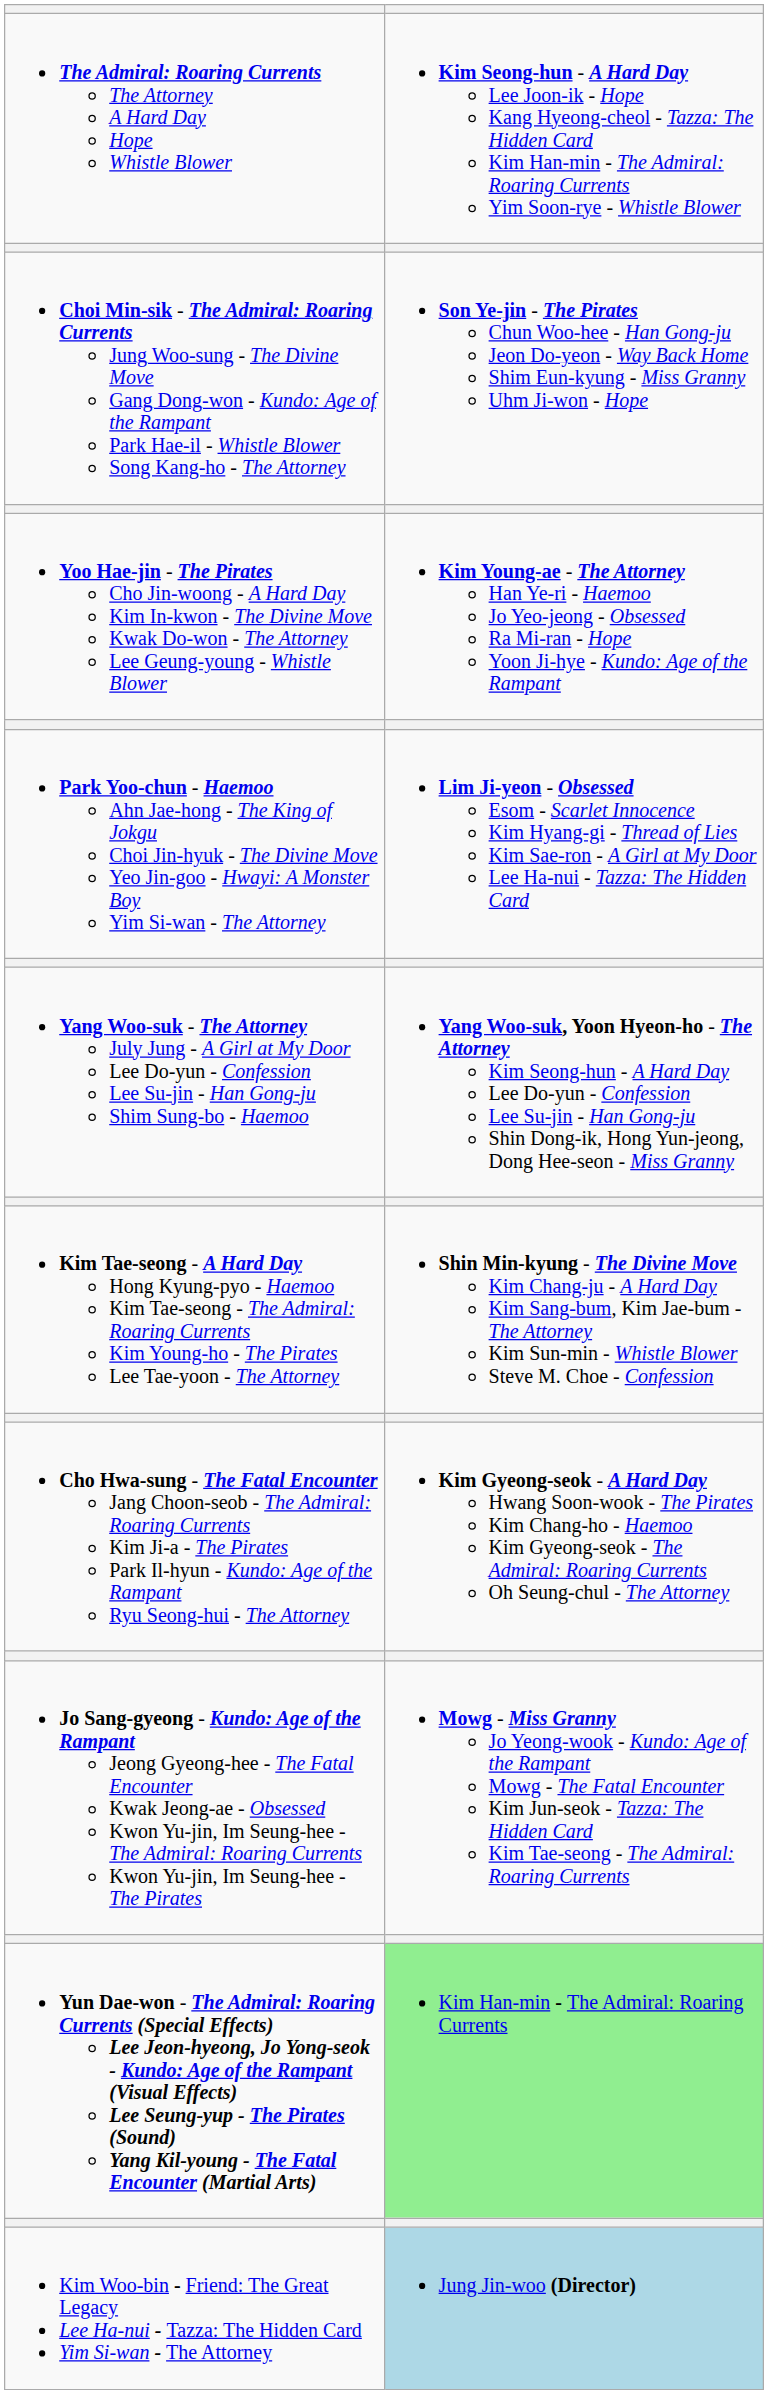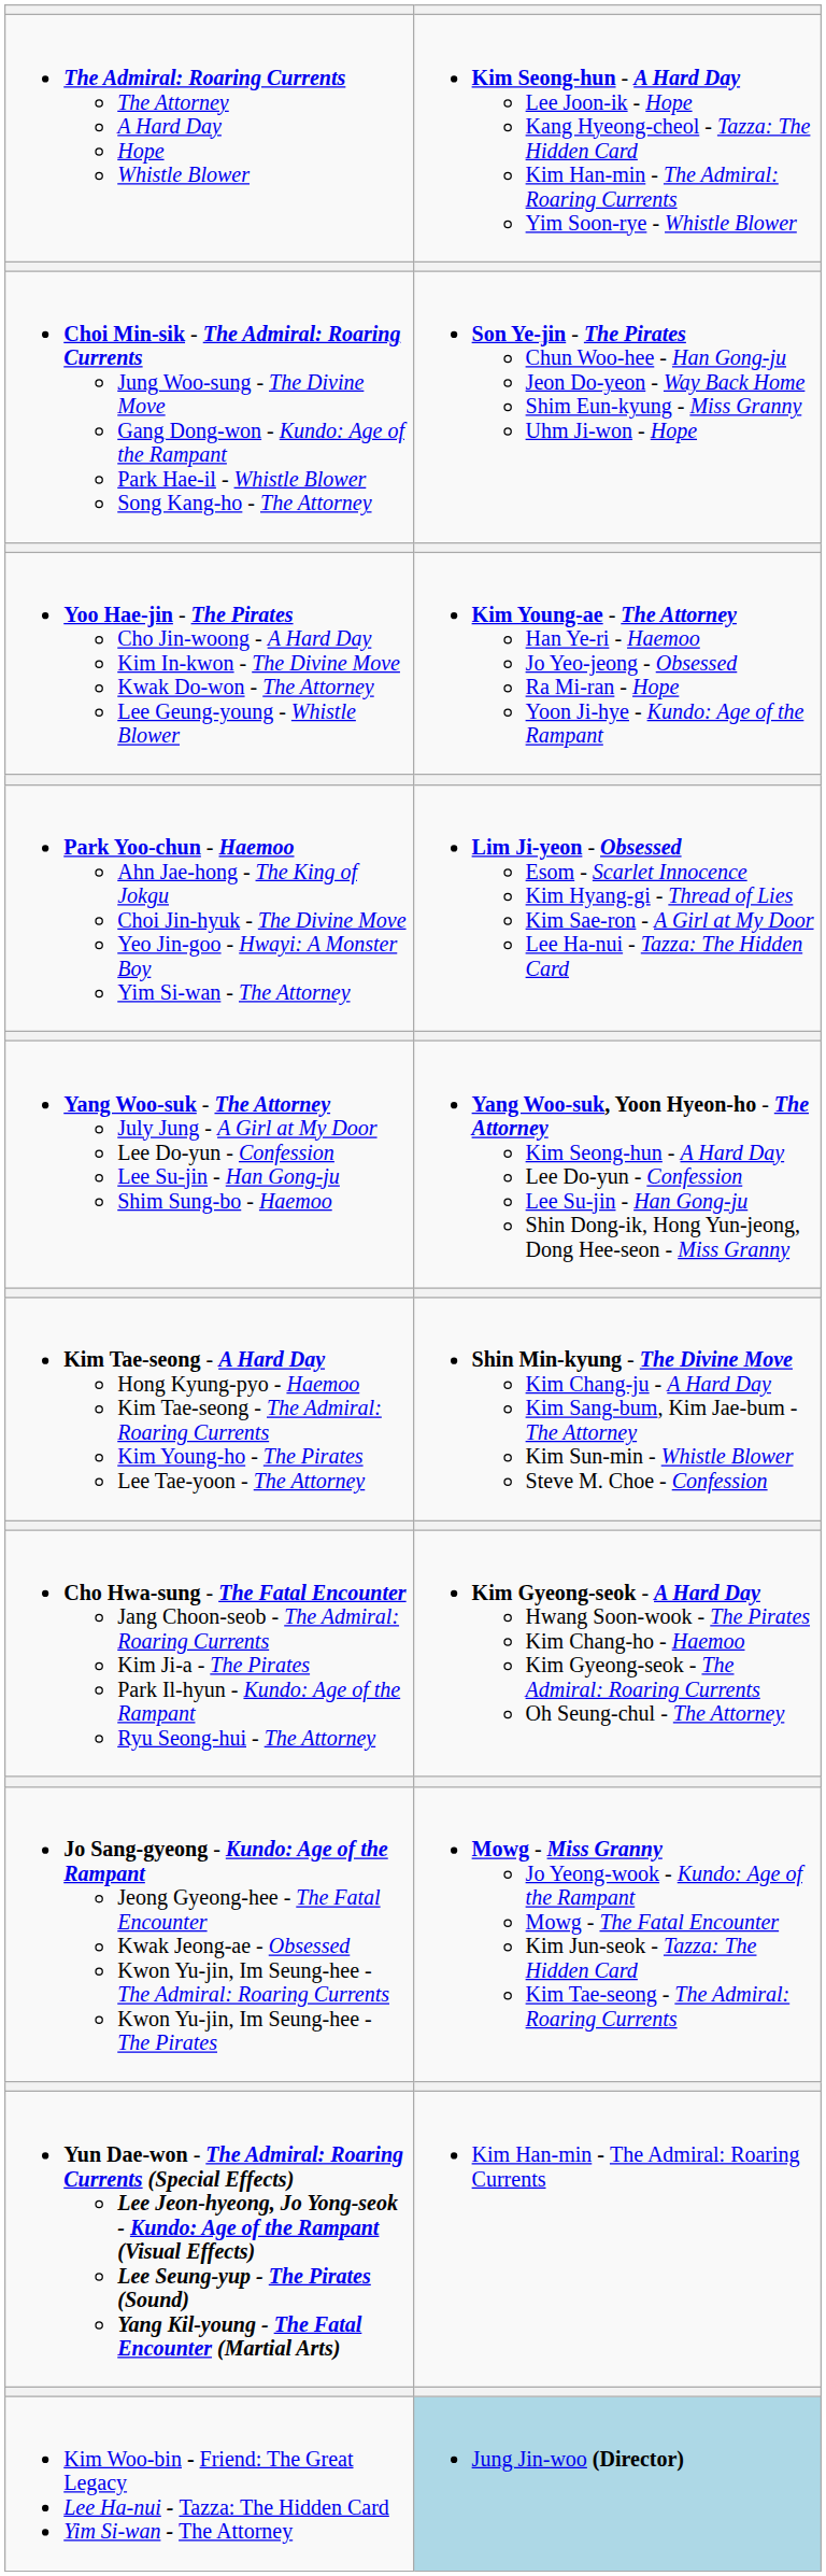 <table class="wikitable">
 <tr>
 <th style="width:500px;"></th>
 <th style="width:500px;"></th>
 </tr>
 <tr>
 <td valign="top"><br><ul><li><strong><em><a href='#'>The Admiral: Roaring Currents</a></em></strong><ul><li><em><a href='#'>The Attorney</a></em></li><li><em><a href='#'>A Hard Day</a></em></li><li><em><a href='#'>Hope</a></em></li><li><em><a href='#'>Whistle Blower</a></em></li></ul></li></ul></td>
 <td valign="top"><br><ul><li><strong><a href='#'>Kim Seong-hun</a></strong> - <strong><em><a href='#'>A Hard Day</a></em></strong><ul><li><a href='#'>Lee Joon-ik</a> - <em><a href='#'>Hope</a></em></li><li><a href='#'>Kang Hyeong-cheol</a> - <em><a href='#'>Tazza: The Hidden Card</a></em></li><li><a href='#'>Kim Han-min</a> - <em><a href='#'>The Admiral: Roaring Currents</a></em></li><li><a href='#'>Yim Soon-rye</a> - <em><a href='#'>Whistle Blower</a></em></li></ul></li></ul></td>
 </tr>
 <tr>
 <th></th>
 <th></th>
 </tr>
 <tr>
 <td valign="top"><br><ul><li><strong><a href='#'>Choi Min-sik</a></strong> - <strong><em><a href='#'>The Admiral: Roaring Currents</a></em></strong><ul><li><a href='#'>Jung Woo-sung</a> - <em><a href='#'>The Divine Move</a></em></li><li><a href='#'>Gang Dong-won</a> - <em><a href='#'>Kundo: Age of the Rampant</a></em></li><li><a href='#'>Park Hae-il</a> - <em><a href='#'>Whistle Blower</a></em></li><li><a href='#'>Song Kang-ho</a> - <em><a href='#'>The Attorney</a></em></li></ul></li></ul></td>
 <td valign="top"><br><ul><li><strong><a href='#'>Son Ye-jin</a></strong> - <strong><em><a href='#'>The Pirates</a></em></strong><ul><li><a href='#'>Chun Woo-hee</a> - <em><a href='#'>Han Gong-ju</a></em></li><li><a href='#'>Jeon Do-yeon</a> - <em><a href='#'>Way Back Home</a></em></li><li><a href='#'>Shim Eun-kyung</a> - <em><a href='#'>Miss Granny</a></em></li><li><a href='#'>Uhm Ji-won</a> - <em><a href='#'>Hope</a></em></li></ul></li></ul></td>
 </tr>
 <tr>
 <th></th>
 <th></th>
 </tr>
 <tr>
 <td valign="top"><br><ul><li><strong><a href='#'>Yoo Hae-jin</a></strong> - <strong><em><a href='#'>The Pirates</a></em></strong><ul><li><a href='#'>Cho Jin-woong</a> - <em><a href='#'>A Hard Day</a></em></li><li><a href='#'>Kim In-kwon</a> - <em><a href='#'>The Divine Move</a></em></li><li><a href='#'>Kwak Do-won</a> - <em><a href='#'>The Attorney</a></em></li><li><a href='#'>Lee Geung-young</a> - <em><a href='#'>Whistle Blower</a></em></li></ul></li></ul></td>
 <td valign="top"><br><ul><li><strong><a href='#'>Kim Young-ae</a></strong> - <strong><em><a href='#'>The Attorney</a></em></strong><ul><li><a href='#'>Han Ye-ri</a> - <em><a href='#'>Haemoo</a></em></li><li><a href='#'>Jo Yeo-jeong</a> - <em><a href='#'>Obsessed</a></em></li><li><a href='#'>Ra Mi-ran</a> - <em><a href='#'>Hope</a></em></li><li><a href='#'>Yoon Ji-hye</a> - <em><a href='#'>Kundo: Age of the Rampant</a></em></li></ul></li></ul></td>
 </tr>
 <tr>
 <th></th>
 <th></th>
 </tr>
 <tr>
 <td valign="top"><br><ul><li><strong><a href='#'>Park Yoo-chun</a></strong> - <strong><em><a href='#'>Haemoo</a></em></strong><ul><li><a href='#'>Ahn Jae-hong</a> - <em><a href='#'>The King of Jokgu</a></em></li><li><a href='#'>Choi Jin-hyuk</a> - <em><a href='#'>The Divine Move</a></em></li><li><a href='#'>Yeo Jin-goo</a> - <em><a href='#'>Hwayi: A Monster Boy</a></em></li><li><a href='#'>Yim Si-wan</a> - <em><a href='#'>The Attorney</a></em></li></ul></li></ul></td>
 <td valign="top"><br><ul><li><strong><a href='#'>Lim Ji-yeon</a></strong> - <strong><em><a href='#'>Obsessed</a></em></strong><ul><li><a href='#'>Esom</a> - <em><a href='#'>Scarlet Innocence</a></em></li><li><a href='#'>Kim Hyang-gi</a> - <em><a href='#'>Thread of Lies</a></em></li><li><a href='#'>Kim Sae-ron</a> - <em><a href='#'>A Girl at My Door</a></em></li><li><a href='#'>Lee Ha-nui</a> - <em><a href='#'>Tazza: The Hidden Card</a></em></li></ul></li></ul></td>
 </tr>
 <tr>
 <th></th>
 <th></th>
 </tr>
 <tr>
 <td valign="top"><br><ul><li><strong><a href='#'>Yang Woo-suk</a></strong>  - <strong><em><a href='#'>The Attorney</a></em></strong><ul><li><a href='#'>July Jung</a> - <em><a href='#'>A Girl at My Door</a></em></li><li>Lee Do-yun - <em><a href='#'>Confession</a></em></li><li><a href='#'>Lee Su-jin</a> - <em><a href='#'>Han Gong-ju</a></em></li><li><a href='#'>Shim Sung-bo</a> - <em><a href='#'>Haemoo</a></em></li></ul></li></ul></td>
 <td valign="top"><br><ul><li><strong><a href='#'>Yang Woo-suk</a>, Yoon Hyeon-ho</strong> - <strong><em><a href='#'>The Attorney</a></em></strong><ul><li><a href='#'>Kim Seong-hun</a> - <em><a href='#'>A Hard Day</a></em></li><li>Lee Do-yun - <em><a href='#'>Confession</a></em></li><li><a href='#'>Lee Su-jin</a> - <em><a href='#'>Han Gong-ju</a></em></li><li>Shin Dong-ik, Hong Yun-jeong, Dong Hee-seon - <em><a href='#'>Miss Granny</a></em></li></ul></li></ul></td>
 </tr>
 <tr>
 <th></th>
 <th></th>
 </tr>
 <tr>
 <td valign="top"><br><ul><li><strong>Kim Tae-seong</strong> - <strong><em><a href='#'>A Hard Day</a></em></strong><ul><li>Hong Kyung-pyo - <em><a href='#'>Haemoo</a></em></li><li>Kim Tae-seong - <em><a href='#'>The Admiral: Roaring Currents</a></em></li><li><a href='#'>Kim Young-ho</a> - <em><a href='#'>The Pirates</a></em></li><li>Lee Tae-yoon - <em><a href='#'>The Attorney</a></em></li></ul></li></ul></td>
 <td valign="top"><br><ul><li><strong>Shin Min-kyung</strong> - <strong><em><a href='#'>The Divine Move</a></em></strong><ul><li><a href='#'>Kim Chang-ju</a> - <em><a href='#'>A Hard Day</a></em></li><li><a href='#'>Kim Sang-bum</a>, Kim Jae-bum - <em><a href='#'>The Attorney</a></em></li><li>Kim Sun-min - <em><a href='#'>Whistle Blower</a></em></li><li>Steve M. Choe - <em><a href='#'>Confession</a></em></li></ul></li></ul></td>
 </tr>
 <tr>
 <th></th>
 <th></th>
 </tr>
 <tr>
 <td valign="top"><br><ul><li><strong>Cho Hwa-sung</strong> - <strong><em><a href='#'>The Fatal Encounter</a></em></strong><ul><li>Jang Choon-seob - <em><a href='#'>The Admiral: Roaring Currents</a></em></li><li>Kim Ji-a - <em><a href='#'>The Pirates</a></em></li><li>Park Il-hyun - <em><a href='#'>Kundo: Age of the Rampant</a></em></li><li><a href='#'>Ryu Seong-hui</a> - <em><a href='#'>The Attorney</a></em></li></ul></li></ul></td>
 <td valign="top"><br><ul><li><strong>Kim Gyeong-seok</strong> - <strong><em><a href='#'>A Hard Day</a></em></strong><ul><li>Hwang Soon-wook - <em><a href='#'>The Pirates</a></em></li><li>Kim Chang-ho - <em><a href='#'>Haemoo</a></em></li><li>Kim Gyeong-seok - <em><a href='#'>The Admiral: Roaring Currents</a></em></li><li>Oh Seung-chul - <em><a href='#'>The Attorney</a></em></li></ul></li></ul></td>
 </tr>
 <tr>
 <th></th>
 <th></th>
 </tr>
 <tr>
 <td valign="top"><br><ul><li><strong>Jo Sang-gyeong</strong> - <strong><em><a href='#'>Kundo: Age of the Rampant</a></em></strong><ul><li>Jeong Gyeong-hee - <em><a href='#'>The Fatal Encounter</a></em></li><li>Kwak Jeong-ae - <em><a href='#'>Obsessed</a></em></li><li>Kwon Yu-jin, Im Seung-hee - <em><a href='#'>The Admiral: Roaring Currents</a></em></li><li>Kwon Yu-jin, Im Seung-hee - <em><a href='#'>The Pirates</a></em></li></ul></li></ul></td>
 <td valign="top"><br><ul><li><strong><a href='#'>Mowg</a></strong> - <strong><em><a href='#'>Miss Granny</a></em></strong><ul><li><a href='#'>Jo Yeong-wook</a> - <em><a href='#'>Kundo: Age of the Rampant</a></em></li><li><a href='#'>Mowg</a> - <em><a href='#'>The Fatal Encounter</a></em></li><li>Kim Jun-seok - <em><a href='#'>Tazza: The Hidden Card</a></em></li><li><a href='#'>Kim Tae-seong</a> - <em><a href='#'>The Admiral: Roaring Currents</a></em></li></ul></li></ul></td>
 </tr>
 <tr>
 <th></th>
 <th></th>
 </tr>
 <tr>
 <td valign="top"><br><ul><li><strong>Yun Dae-won</strong> - <strong><em><a href='#'>The Admiral: Roaring Currents</a><em> (Special Effects)<strong><ul><li>Lee Jeon-hyeong, Jo Yong-seok - </em><a href='#'>Kundo: Age of the Rampant</a><em> (Visual Effects)</li><li>Lee Seung-yup - </em><a href='#'>The Pirates</a><em> (Sound)</li><li>Yang Kil-young - </em><a href='#'>The Fatal Encounter</a><em> (Martial Arts)</li></ul></li></ul></td>
-<td valign="top" style="background: lightgreen;"><br><ul><li></strong><a href='#'>Kim Han-min</a><strong> - </em></strong><a href='#'>The Admiral: Roaring Currents</a><strong><em></li></ul></td>
+<td valign="top"><br><ul><li></strong><a href='#'>Kim Han-min</a><strong> - </em></strong><a href='#'>The Admiral: Roaring Currents</a><strong><em></li></ul></td>
 </tr>
 <tr>
 <th></th>
 <th></th>
 </tr>
 <tr>
 <td valign="top"><br><ul><li></strong><a href='#'>Kim Woo-bin</a><strong> - </em></strong><a href='#'>Friend: The Great Legacy</a><strong><em></li><li></strong><a href='#'>Lee Ha-nui</a><strong> - </em></strong><a href='#'>Tazza: The Hidden Card</a><strong><em></li><li></strong><a href='#'>Yim Si-wan</a><strong> - </em></strong><a href='#'>The Attorney</a><strong><em></li></ul></td>
 <td valign="top" style="background: lightblue;"><br><ul><li></strong><a href='#'>Jung Jin-woo</a><strong> (Director)</li></ul></td>
 </tr>
 </table>
